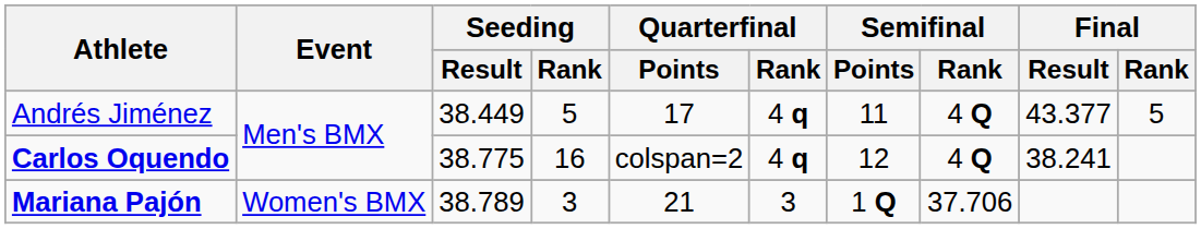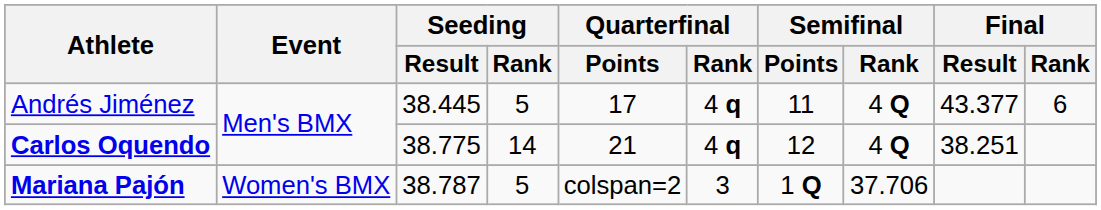 <table class="wikitable" style="font-size:90%">
 <tr>
 <th rowspan="2">Athlete</th>
 <th rowspan="2">Event</th>
 <th colspan="2">Seeding</th>
 <th colspan="2">Quarterfinal</th>
 <th colspan="2">Semifinal</th>
 <th colspan="2">Final</th>
 </tr>
 <tr style="font-size:95%">
 <th>Result</th>
 <th>Rank</th>
 <th>Points</th>
 <th>Rank</th>
 <th>Points</th>
 <th>Rank</th>
 <th>Result</th>
 <th>Rank</th>
 </tr>
 <tr align=center>
 <td align=left><a href='#'>Andrés Jiménez</a></td>
 <td align=left rowspan=2><a href='#'>Men's BMX</a></td>
-<td>38.449</td>
+<td>38.445</td>
 <td>5</td>
 <td>17</td>
 <td>4 <strong>q</strong></td>
 <td>11</td>
 <td>4 <strong>Q</strong></td>
 <td>43.377</td>
-<td>5</td>
+<td>6</td>
 </tr>
 <tr align=center>
 <td align=left><strong><a href='#'>Carlos Oquendo</a></strong></td>
 <td>38.775</td>
-<td>16</td>
-<td>colspan=2 </td>
+<td>14</td>
+<td>21</td>
 <td>4 <strong>q</strong></td>
 <td>12</td>
 <td>4 <strong>Q</strong></td>
-<td>38.241</td>
+<td>38.251</td>
 <td></td>
 </tr>
 <tr align=center>
 <td align=left><strong><a href='#'>Mariana Pajón</a></strong></td>
 <td align=left><a href='#'>Women's BMX</a></td>
-<td>38.789</td>
-<td>3</td>
-<td>21</td>
+<td>38.787</td>
+<td>5</td>
+<td>colspan=2 </td>
 <td>3</td>
 <td>1 <strong>Q</strong></td>
 <td>37.706</td>
 <td></td>
 </tr>
 </table>
